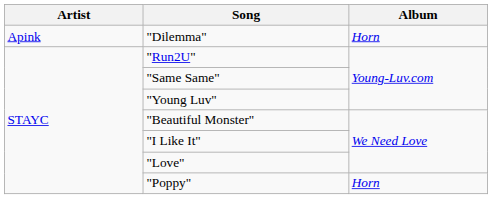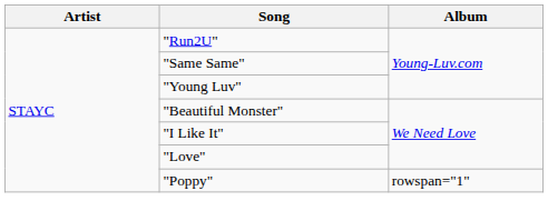 <table class="wikitable sortable">
 <tr>
 <th style="width:10em;">Artist</th>
 <th style="width:15em;">Song</th>
 <th style="width:10em;">Album</th>
-</tr>
-<tr>
-<td><a href='#'>Apink</a></td>
-<td>"Dilemma"</td>
-<td><em><a href='#'>Horn</a></em></td>
 </tr>
 <tr>
 <td rowspan="7"><a href='#'>STAYC</a></td>
 <td>"<a href='#'>Run2U</a>"</td>
 <td rowspan="3"><em><a href='#'>Young-Luv.com</a></em></td>
 </tr>
 <tr>
 <td>"Same Same"</td>
 </tr>
 <tr>
 <td>"Young Luv"</td>
 </tr>
 <tr>
 <td>"Beautiful Monster"</td>
 <td rowspan="3"><em><a href='#'>We Need Love</a></em></td>
 </tr>
 <tr>
 <td>"I Like It"</td>
 </tr>
 <tr>
 <td>"Love"</td>
 </tr>
 <tr>
 <td>"Poppy"</td>
-<td><em><a href='#'>Horn</a></em></td>
+<td>rowspan="1" </td>
 </tr>
 </table>
